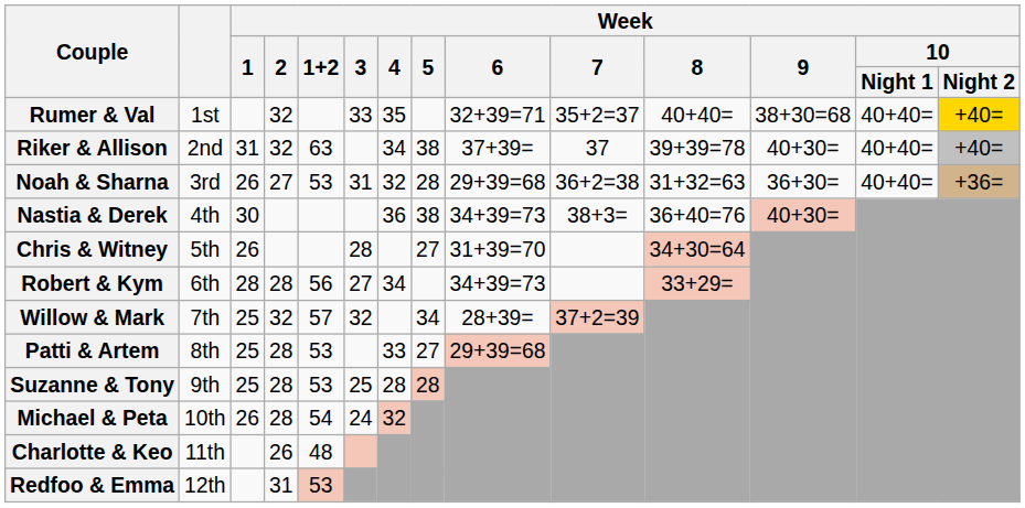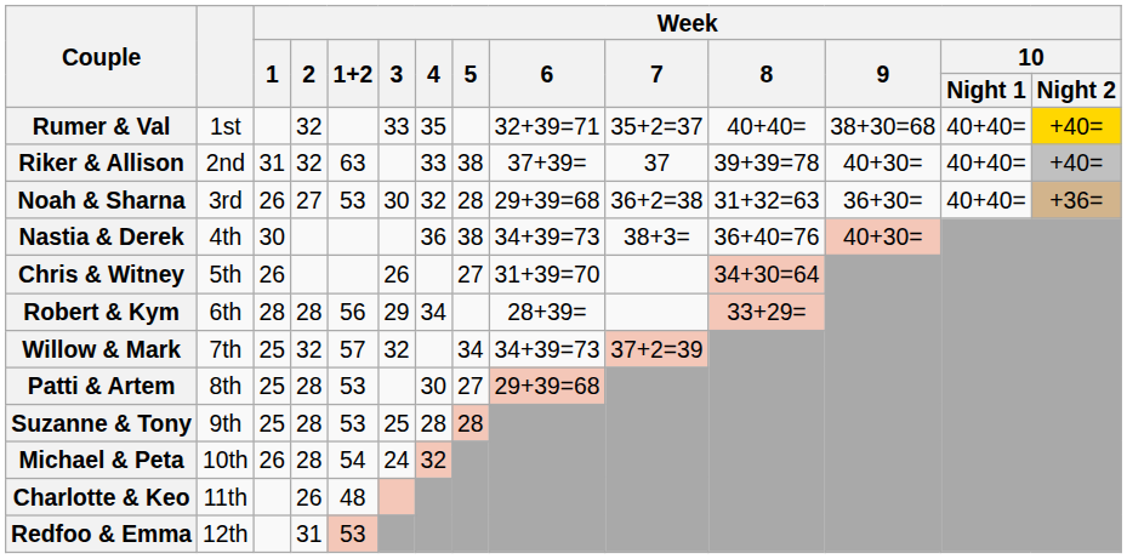 <table class="wikitable sortable" style="text-align:center; font-size:95%">
 <tr>
 <th scope="col" rowspan="3" style="text-align:center; line-height:15px;">Couple</th>
 <th scope="col" rowspan="3" style="text-align:center; line-height:15px;"></th>
 <th colspan="12" style="text-align:center; line-height:15px;">Week</th>
 </tr>
 <tr>
 <th scope="col" rowspan=2 style="line-height:15px;">1</th>
 <th scope="col" rowspan=2 style="line-height:15px;">2</th>
 <th scope="col" rowspan=2 style="line-height:15px;">1+2</th>
 <th scope="col" rowspan=2 style="line-height:15px;">3</th>
 <th scope="col" rowspan=2 style="line-height:15px;">4</th>
 <th scope="col" rowspan=2 style="line-height:15px;">5</th>
 <th scope="col" rowspan=2 style="line-height:15px;">6</th>
 <th scope="col" rowspan=2 style="line-height:15px;">7</th>
 <th scope="col" rowspan=2 style="line-height:15px;">8</th>
 <th scope="col" rowspan=2 style="line-height:15px;">9</th>
 <th scope="col" colspan=2 style="line-height:15px;">10</th>
 </tr>
 <tr>
 <th style="line-height:15px;">Night 1</th>
 <th style="line-height:15px;">Night 2</th>
 </tr>
 <tr>
 <th scope="row">Rumer & Val</th>
 <td>1st</td>
 <td></td>
 <td>32</td>
 <td></td>
 <td>33</td>
 <td>35</td>
 <td></td>
 <td>32+39=71</td>
 <td>35+2=37</td>
 <td>40+40=</td>
 <td>38+30=68</td>
 <td>40+40=</td>
 <td bgcolor=gold >+40=</td>
 </tr>
 <tr>
 <th scope="row">Riker & Allison</th>
 <td>2nd</td>
 <td>31</td>
 <td>32</td>
 <td>63</td>
 <td></td>
-<td>34</td>
+<td>33</td>
 <td>38</td>
 <td>37+39=</td>
 <td>37</td>
 <td>39+39=78</td>
 <td>40+30=</td>
 <td>40+40=</td>
 <td bgcolor=silver >+40=</td>
 </tr>
 <tr>
 <th scope="row">Noah & Sharna</th>
 <td>3rd</td>
 <td>26</td>
 <td>27</td>
 <td>53</td>
-<td>31</td>
+<td>30</td>
 <td>32</td>
 <td>28</td>
 <td>29+39=68</td>
 <td>36+2=38</td>
 <td>31+32=63</td>
 <td>36+30=</td>
 <td>40+40=</td>
 <td bgcolor=tan >+36=</td>
 </tr>
 <tr>
 <th scope="row">Nastia & Derek</th>
 <td>4th</td>
 <td>30</td>
 <td></td>
 <td></td>
 <td></td>
 <td>36</td>
 <td>38</td>
 <td>34+39=73</td>
 <td>38+3=</td>
 <td>36+40=76</td>
 <td bgcolor=f4c7b8 >40+30=</td>
 <td colspan="2" rowspan="9" style="background:darkgrey;"></td>
 </tr>
 <tr>
 <th scope="row">Chris & Witney</th>
 <td>5th</td>
 <td>26</td>
 <td></td>
 <td></td>
-<td>28</td>
+<td>26</td>
 <td></td>
 <td>27</td>
 <td>31+39=70</td>
 <td></td>
 <td bgcolor=f4c7b8 >34+30=64</td>
 <td rowspan="8" style="background:darkgrey;"></td>
 </tr>
 <tr>
 <th scope="row">Robert & Kym</th>
 <td>6th</td>
 <td>28</td>
 <td>28</td>
 <td>56</td>
-<td>27</td>
+<td>29</td>
 <td>34</td>
 <td></td>
-<td>34+39=73</td>
+<td>28+39=</td>
 <td></td>
 <td bgcolor=f4c7b8>33+29=</td>
 </tr>
 <tr>
 <th scope="row">Willow & Mark</th>
 <td>7th</td>
 <td>25</td>
 <td>32</td>
 <td>57</td>
 <td>32</td>
 <td></td>
 <td>34</td>
-<td>28+39=</td>
+<td>34+39=73</td>
 <td bgcolor=f4c7b8 >37+2=39</td>
 <td rowspan="6" style="background:darkgrey;"></td>
 </tr>
 <tr>
 <th scope="row">Patti & Artem</th>
 <td>8th</td>
 <td>25</td>
 <td>28</td>
 <td>53</td>
 <td></td>
-<td>33</td>
+<td>30</td>
 <td>27</td>
 <td bgcolor=f4c7b8 >29+39=68</td>
 <td rowspan="5" style="background:darkgrey;"></td>
 </tr>
 <tr>
 <th scope="row">Suzanne & Tony</th>
 <td>9th</td>
 <td>25</td>
 <td>28</td>
 <td>53</td>
 <td>25</td>
 <td>28</td>
 <td bgcolor=f4c7b8>28</td>
 <td rowspan="4" style="background:darkgrey;"></td>
 </tr>
 <tr>
 <th scope="row">Michael & Peta</th>
 <td>10th</td>
 <td>26</td>
 <td>28</td>
 <td>54</td>
 <td>24</td>
 <td bgcolor=f4c7b8>32</td>
 <td rowspan="3" style="background:darkgrey;"></td>
 </tr>
 <tr>
 <th scope="row">Charlotte & Keo</th>
 <td>11th</td>
 <td></td>
 <td>26</td>
 <td>48</td>
 <td bgcolor=f4c7b8></td>
 <td rowspan="2" style="background:darkgrey;"></td>
 </tr>
 <tr>
 <th scope="row">Redfoo & Emma</th>
 <td>12th</td>
 <td></td>
 <td>31</td>
 <td bgcolor=f4c7b8>53</td>
 <td style="background:darkgrey;"></td>
 </tr>
 </table>
